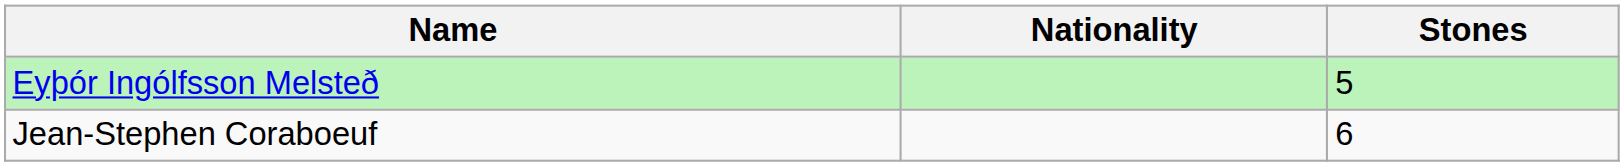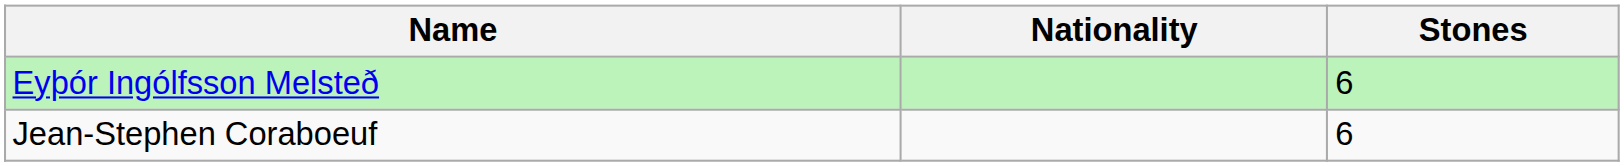 <table class="wikitable" style="display: inline-table; width: 50%;">
 <tr>
 <th>Name</th>
 <th>Nationality</th>
 <th>Stones</th>
 </tr>
 <tr bgcolor=bbf3bb>
 <td><a href='#'>Eyþór Ingólfsson Melsteð</a></td>
 <td></td>
-<td>5</td>
+<td>6</td>
 </tr>
 <tr>
 <td>Jean-Stephen Coraboeuf</td>
 <td></td>
 <td>6</td>
 </tr>
 </table>
